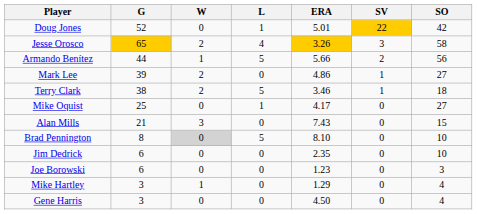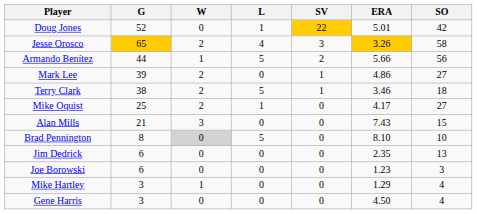 <table class="wikitable sortable">
 <tr>
 <th bgcolor="#DDDDFF" width="16%">Player</th>
 <th bgcolor="#DDDDFF" width="9%">G</th>
 <th bgcolor="#DDDDFF" width="9%">W</th>
 <th bgcolor="#DDDDFF" width="9%">L</th>
+<th bgcolor="#DDDDFF" width="9%">SV</th>
 <th bgcolor="#DDDDFF" width="9%">ERA</th>
-<th bgcolor="#DDDDFF" width="9%">SV</th>
 <th bgcolor="#DDDDFF" width="9%">SO</th>
 </tr>
 <tr align="center">
 <td><a href='#'>Doug Jones</a></td>
 <td>52</td>
 <td>0</td>
 <td>1</td>
+<td style="background:#fc0;">22</td>
 <td>5.01</td>
-<td style="background:#fc0;">22</td>
 <td>42</td>
 </tr>
 <tr align=center>
 <td><a href='#'>Jesse Orosco</a></td>
 <td style="background:#fc0;">65</td>
 <td>2</td>
 <td>4</td>
+<td>3</td>
 <td style="background:#fc0;">3.26</td>
-<td>3</td>
 <td>58</td>
 </tr>
 <tr align=center>
 <td><a href='#'>Armando Benítez</a></td>
 <td>44</td>
 <td>1</td>
 <td>5</td>
+<td>2</td>
 <td>5.66</td>
-<td>2</td>
 <td>56</td>
 </tr>
 <tr align=center>
 <td><a href='#'>Mark Lee</a></td>
 <td>39</td>
 <td>2</td>
 <td>0</td>
+<td>1</td>
 <td>4.86</td>
-<td>1</td>
 <td>27</td>
 </tr>
 <tr align="center">
 <td><a href='#'>Terry Clark</a></td>
 <td>38</td>
 <td>2</td>
 <td>5</td>
+<td>1</td>
 <td>3.46</td>
-<td>1</td>
 <td>18</td>
 </tr>
 <tr align=center>
 <td><a href='#'>Mike Oquist</a></td>
 <td>25</td>
+<td>2</td>
+<td>1</td>
 <td>0</td>
-<td>1</td>
 <td>4.17</td>
-<td>0</td>
 <td>27</td>
 </tr>
 <tr align=center>
 <td><a href='#'>Alan Mills</a></td>
 <td>21</td>
 <td>3</td>
 <td>0</td>
+<td>0</td>
 <td>7.43</td>
-<td>0</td>
 <td>15</td>
 </tr>
 <tr align=center>
 <td><a href='#'>Brad Pennington</a></td>
 <td>8</td>
 <td style="background: lightgrey;">0</td>
 <td>5</td>
+<td>0</td>
 <td>8.10</td>
-<td>0</td>
 <td>10</td>
 </tr>
 <tr align=center>
 <td><a href='#'>Jim Dedrick</a></td>
 <td>6</td>
 <td>0</td>
 <td>0</td>
+<td>0</td>
 <td>2.35</td>
-<td>0</td>
-<td>10</td>
+<td>13</td>
 </tr>
 <tr align=center>
 <td><a href='#'>Joe Borowski</a></td>
 <td>6</td>
 <td>0</td>
 <td>0</td>
+<td>0</td>
 <td>1.23</td>
-<td>0</td>
 <td>3</td>
 </tr>
 <tr align=center>
 <td><a href='#'>Mike Hartley</a></td>
 <td>3</td>
 <td>1</td>
 <td>0</td>
+<td>0</td>
 <td>1.29</td>
-<td>0</td>
 <td>4</td>
 </tr>
 <tr align=center>
 <td><a href='#'>Gene Harris</a></td>
 <td>3</td>
 <td>0</td>
 <td>0</td>
+<td>0</td>
 <td>4.50</td>
-<td>0</td>
 <td>4</td>
 </tr>
 </table>
